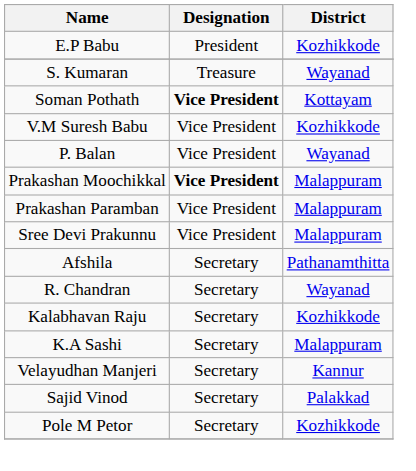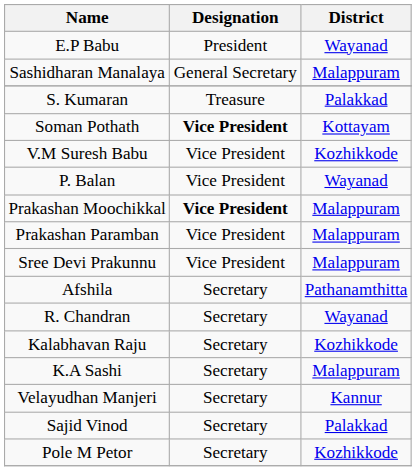 <table class=" wikitable">
 <tr style="background:#ccc; text-align:center;">
 <th>Name</th>
 <th>Designation</th>
 <th>District</th>
 </tr>
 <tr style="vertical-align: middle; text-align: center;">
 <td>E.P Babu</td>
 <td>President</td>
-<td><a href='#'>Kozhikkode</a></td>
+<td><a href='#'>Wayanad</a></td>
+</tr>
+<tr style="vertical-align: middle; text-align: center;">
+<td>Sashidharan Manalaya</td>
+<td>General Secretary</td>
+<td><a href='#'>Malappuram</a></td>
 </tr>
 <tr style="vertical-align: middle; t">
 </tr>
 <tr style="vertical-align: middle; text-align: center;">
 <td>S. Kumaran</td>
 <td>Treasure</td>
-<td><a href='#'>Wayanad</a></td>
+<td><a href='#'>Palakkad</a></td>
 </tr>
 <tr style="vertical-align: middle; text-align: center;">
 <td>Soman Pothath</td>
 <td><strong>Vice President</strong></td>
 <td><a href='#'>Kottayam</a></td>
 </tr>
 <tr style="vertical-align: middle; text-align: center;">
 <td>V.M Suresh Babu</td>
 <td>Vice President</td>
 <td><a href='#'>Kozhikkode</a></td>
 </tr>
 <tr style="vertical-align: middle; text-align: center;">
 <td>P. Balan</td>
 <td>Vice President</td>
 <td><a href='#'>Wayanad</a></td>
 </tr>
 <tr style="vertical-align: middle; text-align: center;">
 <td>Prakashan Moochikkal</td>
 <td><strong>Vice President</strong></td>
 <td><a href='#'>Malappuram</a></td>
 </tr>
 <tr style="vertical-align: middle; text-align: center;">
 <td>Prakashan Paramban</td>
 <td>Vice President</td>
 <td><a href='#'>Malappuram</a></td>
 </tr>
 <tr style="vertical-align: middle; text-align: center;">
 <td>Sree Devi Prakunnu</td>
 <td>Vice President</td>
 <td><a href='#'>Malappuram</a></td>
 </tr>
 <tr style="vertical-align: middle; text-align: center;">
 <td>Afshila</td>
 <td>Secretary</td>
 <td><a href='#'>Pathanamthitta</a></td>
 </tr>
 <tr style="vertical-align: middle; text-align: center;">
 <td>R. Chandran</td>
 <td>Secretary</td>
 <td><a href='#'>Wayanad</a></td>
 </tr>
 <tr style="vertical-align: middle; text-align: center;">
 <td>Kalabhavan Raju</td>
 <td>Secretary</td>
 <td><a href='#'>Kozhikkode</a></td>
 </tr>
 <tr style="vertical-align: middle; text-align: center;">
 <td>K.A Sashi</td>
 <td>Secretary</td>
 <td><a href='#'>Malappuram</a></td>
 </tr>
 <tr style="vertical-align: middle; text-align: center;">
 <td>Velayudhan Manjeri</td>
 <td>Secretary</td>
 <td><a href='#'>Kannur</a></td>
 </tr>
 <tr style="vertical-align: middle; text-align: center;">
 <td>Sajid Vinod</td>
 <td>Secretary</td>
 <td><a href='#'>Palakkad</a></td>
 </tr>
 <tr style="vertical-align: middle; text-align: center;">
 <td>Pole M Petor</td>
 <td>Secretary</td>
 <td><a href='#'>Kozhikkode</a></td>
 </tr>
 <tr style="vertical-align: middle; text-align: center;">
 </tr>
 </table>
